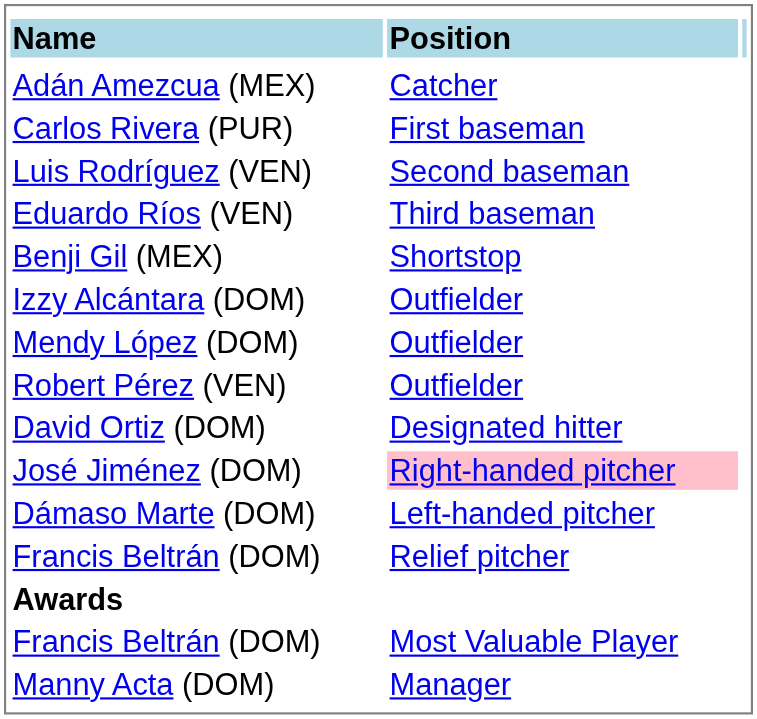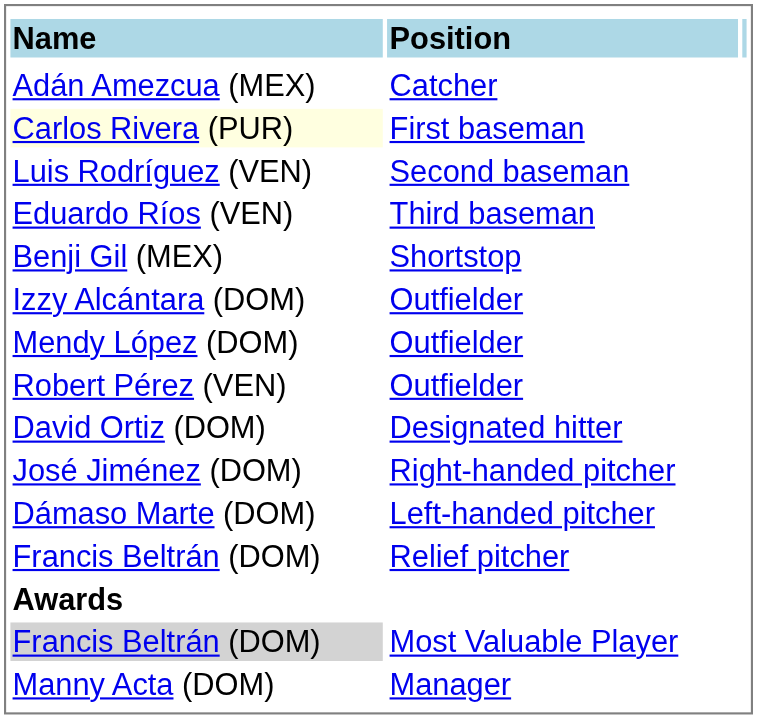 <table cellpadding="1" width="350px" style="font-size: 90%; border: 1px solid gray;">
 <tr align="center" style="font-size: larger;">
 <td colspan=6></td>
 </tr>
 <tr style="background:lightblue;">
 <td><strong>Name</strong></td>
 <td><strong>Position</strong></td>
 <td></td>
 </tr>
 <tr align="center" style="vertical-align: middle;" style="background:lightblue;">
 </tr>
 <tr>
 <td><a href='#'>Adán Amezcua</a> (MEX)</td>
 <td><a href='#'>Catcher</a></td>
 </tr>
 <tr>
-<td><a href='#'>Carlos Rivera</a> (PUR)</td>
+<td style="background: lightyellow;"><a href='#'>Carlos Rivera</a> (PUR)</td>
 <td><a href='#'>First baseman</a></td>
 </tr>
 <tr>
 <td><a href='#'>Luis Rodríguez</a> (VEN)</td>
 <td><a href='#'>Second baseman</a></td>
 </tr>
 <tr>
 <td><a href='#'>Eduardo Ríos</a> (VEN)</td>
 <td><a href='#'>Third baseman</a></td>
 </tr>
 <tr>
 <td><a href='#'>Benji Gil</a> (MEX)</td>
 <td><a href='#'>Shortstop</a></td>
 </tr>
 <tr>
 <td><a href='#'>Izzy Alcántara</a> (DOM)</td>
 <td><a href='#'>Outfielder</a></td>
 </tr>
 <tr>
 <td><a href='#'>Mendy López</a> (DOM)</td>
 <td><a href='#'>Outfielder</a></td>
 </tr>
 <tr>
 <td><a href='#'>Robert Pérez</a> (VEN)</td>
 <td><a href='#'>Outfielder</a></td>
 </tr>
 <tr>
 <td><a href='#'>David Ortiz</a> (DOM)</td>
 <td><a href='#'>Designated hitter</a></td>
 </tr>
 <tr>
 <td><a href='#'>José Jiménez</a> (DOM)</td>
-<td style="background: pink;"><a href='#'>Right-handed pitcher</a></td>
+<td><a href='#'>Right-handed pitcher</a></td>
 </tr>
 <tr>
 <td><a href='#'>Dámaso Marte</a> (DOM)</td>
 <td><a href='#'>Left-handed pitcher</a></td>
 </tr>
 <tr>
 <td><a href='#'>Francis Beltrán</a> (DOM)</td>
 <td><a href='#'>Relief pitcher</a></td>
 </tr>
 <tr>
 <td><strong>Awards</strong></td>
 </tr>
 <tr>
-<td><a href='#'>Francis Beltrán</a> (DOM)</td>
+<td style="background: lightgrey;"><a href='#'>Francis Beltrán</a> (DOM)</td>
 <td><a href='#'>Most Valuable Player</a></td>
 </tr>
 <tr>
 <td><a href='#'>Manny Acta</a> (DOM)</td>
 <td><a href='#'>Manager</a></td>
 </tr>
 <tr>
 </tr>
 </table>
